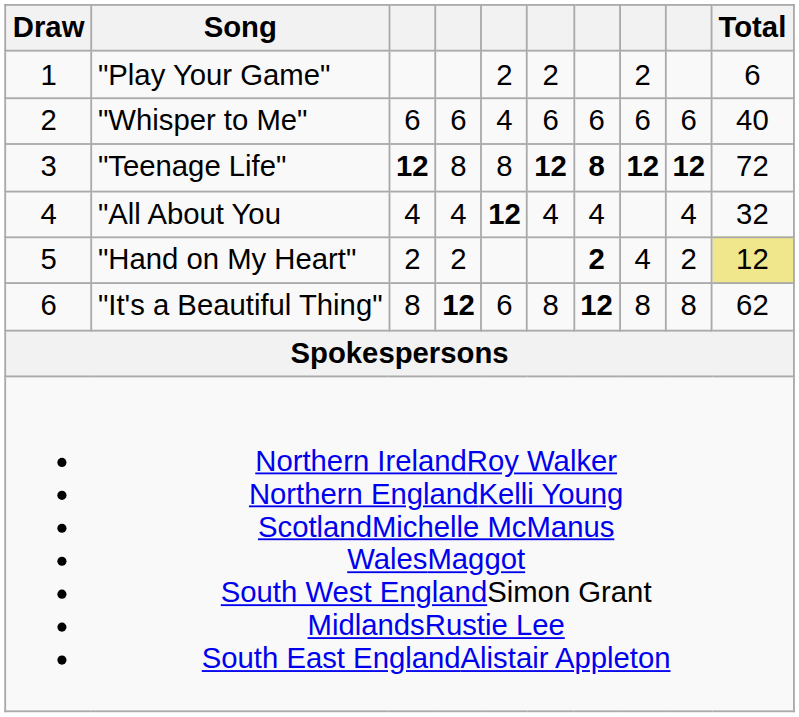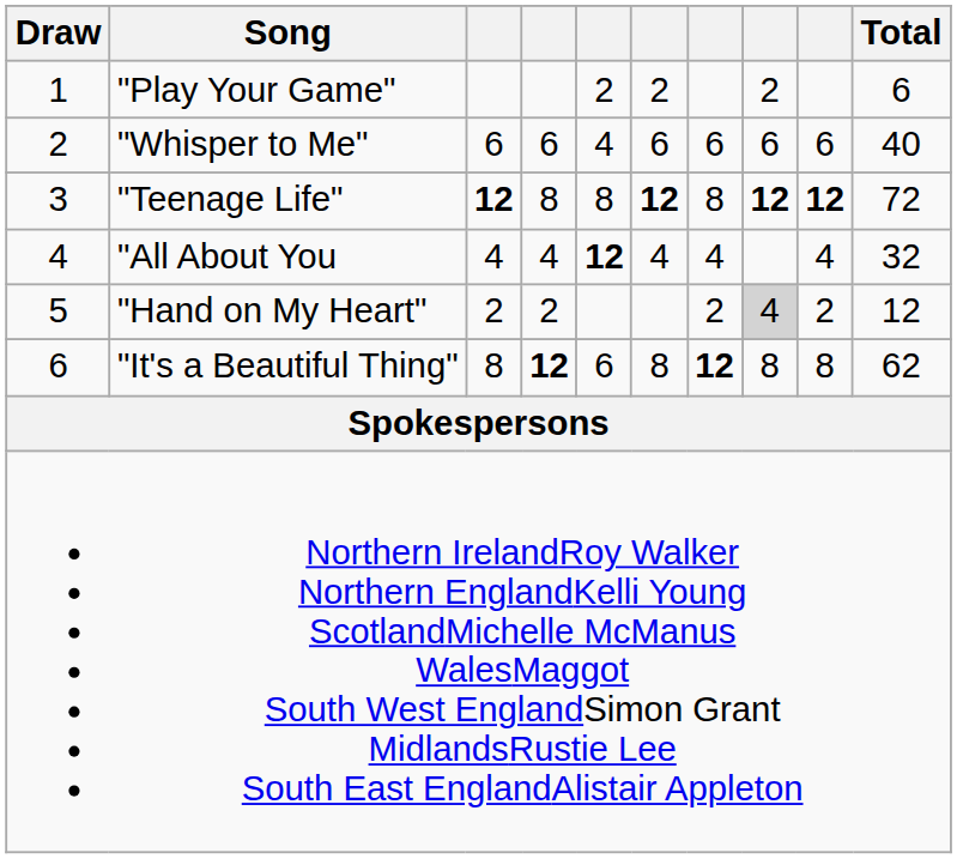 <table class="wikitable collapsible" style="margin: 1em auto 1em auto; text-align:center;">
 <tr>
 <th>Draw</th>
 <th>Song</th>
 <th></th>
 <th></th>
 <th></th>
 <th></th>
 <th></th>
 <th></th>
 <th></th>
 <th>Total</th>
 </tr>
 <tr>
 <td>1</td>
 <td align="left">"Play Your Game"</td>
 <td></td>
 <td></td>
 <td>2</td>
 <td>2</td>
 <td></td>
 <td>2</td>
 <td></td>
 <td>6</td>
 </tr>
 <tr>
 <td>2</td>
 <td align="left">"Whisper to Me"</td>
 <td>6</td>
 <td>6</td>
 <td>4</td>
 <td>6</td>
 <td>6</td>
 <td>6</td>
 <td>6</td>
 <td>40</td>
 </tr>
 <tr>
 <td>3</td>
 <td align="left">"Teenage Life"</td>
 <td><strong>12</strong></td>
 <td>8</td>
 <td>8</td>
 <td><strong>12</strong></td>
-<td><strong>8</strong></td>
+<td>8</td>
 <td><strong>12</strong></td>
 <td><strong>12</strong></td>
 <td>72</td>
 </tr>
 <tr>
 <td>4</td>
 <td align="left">"All About You</td>
 <td>4</td>
 <td>4</td>
 <td><strong>12</strong></td>
 <td>4</td>
 <td>4</td>
 <td></td>
 <td>4</td>
 <td>32</td>
 </tr>
 <tr>
 <td>5</td>
 <td align="left">"Hand on My Heart"</td>
 <td>2</td>
 <td>2</td>
 <td></td>
 <td></td>
-<td><strong>2</strong></td>
-<td>4</td>
 <td>2</td>
-<td style="background: khaki;">12</td>
+<td style="background: lightgrey;">4</td>
+<td>2</td>
+<td>12</td>
 </tr>
 <tr>
 <td>6</td>
 <td align="left">"It's a Beautiful Thing"</td>
 <td>8</td>
 <td><strong>12</strong></td>
 <td>6</td>
 <td>8</td>
 <td><strong>12</strong></td>
 <td>8</td>
 <td>8</td>
 <td>62</td>
 </tr>
 <tr class="sortbottom">
 <th colspan="10">Spokespersons</th>
 </tr>
 <tr class="sortbottom">
 <td colspan="10"><br><ul><li><a href='#'>Northern Ireland</a><a href='#'>Roy Walker</a></li><li><a href='#'>Northern England</a><a href='#'>Kelli Young</a></li><li><a href='#'>Scotland</a><a href='#'>Michelle McManus</a></li><li><a href='#'>Wales</a><a href='#'>Maggot</a></li><li><a href='#'>South West England</a>Simon Grant</li><li><a href='#'>Midlands</a><a href='#'>Rustie Lee</a></li><li><a href='#'>South East England</a><a href='#'>Alistair Appleton</a></li></ul></td>
 </tr>
 </table>
